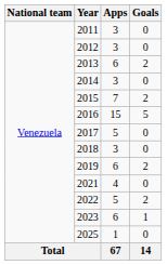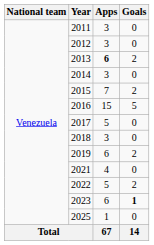 <table class=wikitable style=text-align:center>
 <tr>
 <th>National team</th>
 <th>Year</th>
 <th>Apps</th>
 <th>Goals</th>
 </tr>
 <tr>
 <td rowspan="13"><a href='#'>Venezuela</a></td>
 <td>2011</td>
 <td>3</td>
 <td>0</td>
 </tr>
 <tr>
 <td>2012</td>
 <td>3</td>
 <td>0</td>
 </tr>
 <tr>
 <td>2013</td>
-<td>6</td>
+<td><strong>6</strong></td>
 <td>2</td>
 </tr>
 <tr>
 <td>2014</td>
 <td>3</td>
 <td>0</td>
 </tr>
 <tr>
 <td>2015</td>
 <td>7</td>
 <td>2</td>
 </tr>
 <tr>
 <td>2016</td>
 <td>15</td>
 <td>5</td>
 </tr>
 <tr>
 <td>2017</td>
 <td>5</td>
 <td>0</td>
 </tr>
 <tr>
 <td>2018</td>
 <td>3</td>
 <td>0</td>
 </tr>
 <tr>
 <td>2019</td>
 <td>6</td>
 <td>2</td>
 </tr>
 <tr>
 <td>2021</td>
 <td>4</td>
 <td>0</td>
 </tr>
 <tr>
 <td>2022</td>
 <td>5</td>
 <td>2</td>
 </tr>
 <tr>
 <td>2023</td>
 <td>6</td>
-<td>1</td>
+<td><strong>1</strong></td>
 </tr>
 <tr>
 <td>2025</td>
 <td>1</td>
 <td>0</td>
 </tr>
 <tr>
 <th colspan="2">Total</th>
 <th>67</th>
 <th>14</th>
 </tr>
 </table>
